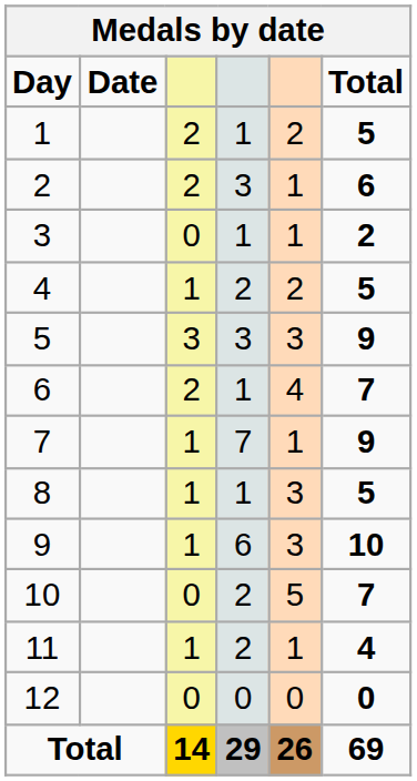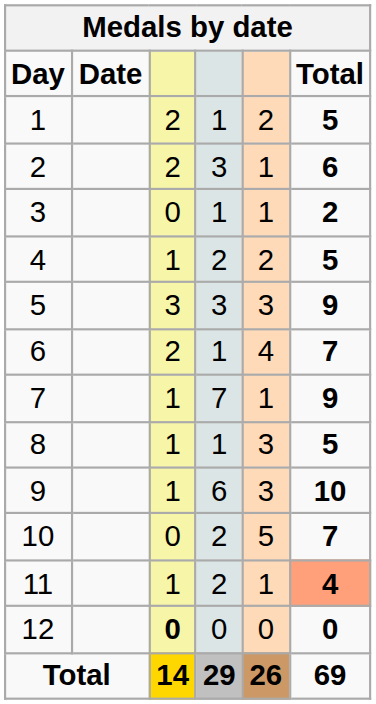 <table class="wikitable" style="font-size:85%; float:right">
 <tr align=center>
 <th colspan=6>Medals by date</th>
 </tr>
 <tr align=center>
 <td><strong>Day</strong></td>
 <td><strong>Date</strong></td>
 <td style="background:#f7f6a8;"></td>
 <td style="background:#dce5e5;"></td>
 <td style="background:#ffdab9;"></td>
 <td><strong>Total</strong></td>
 </tr>
 <tr align=center>
 <td>1</td>
 <td></td>
 <td style="background:#f7f6a8;">2</td>
 <td style="background:#dce5e5;">1</td>
 <td style="background:#ffdab9;">2</td>
 <td><strong>5</strong></td>
 </tr>
 <tr align=center>
 <td>2</td>
 <td></td>
 <td style="background:#f7f6a8;">2</td>
 <td style="background:#dce5e5;">3</td>
 <td style="background:#ffdab9;">1</td>
 <td><strong>6</strong></td>
 </tr>
 <tr align=center>
 <td>3</td>
 <td></td>
 <td style="background:#f7f6a8;">0</td>
 <td style="background:#dce5e5;">1</td>
 <td style="background:#ffdab9;">1</td>
 <td><strong>2</strong></td>
 </tr>
 <tr align=center>
 <td>4</td>
 <td></td>
 <td style="background:#f7f6a8;">1</td>
 <td style="background:#dce5e5;">2</td>
 <td style="background:#ffdab9;">2</td>
 <td><strong>5</strong></td>
 </tr>
 <tr align=center>
 <td>5</td>
 <td></td>
 <td style="background:#f7f6a8;">3</td>
 <td style="background:#dce5e5;">3</td>
 <td style="background:#ffdab9;">3</td>
 <td><strong>9</strong></td>
 </tr>
 <tr align=center>
 <td>6</td>
 <td></td>
 <td style="background:#f7f6a8;">2</td>
 <td style="background:#dce5e5;">1</td>
 <td style="background:#ffdab9;">4</td>
 <td><strong>7</strong></td>
 </tr>
 <tr align=center>
 <td>7</td>
 <td></td>
 <td style="background:#f7f6a8;">1</td>
 <td style="background:#dce5e5;">7</td>
 <td style="background:#ffdab9;">1</td>
 <td><strong>9</strong></td>
 </tr>
 <tr align=center>
 <td>8</td>
 <td></td>
 <td style="background:#f7f6a8;">1</td>
 <td style="background:#dce5e5;">1</td>
 <td style="background:#ffdab9;">3</td>
 <td><strong>5</strong></td>
 </tr>
 <tr align=center>
 <td>9</td>
 <td></td>
 <td style="background:#f7f6a8;">1</td>
 <td style="background:#dce5e5;">6</td>
 <td style="background:#ffdab9;">3</td>
 <td><strong>10</strong></td>
 </tr>
 <tr align=center>
 <td>10</td>
 <td></td>
 <td style="background:#f7f6a8;">0</td>
 <td style="background:#dce5e5;">2</td>
 <td style="background:#ffdab9;">5</td>
 <td><strong>7</strong></td>
 </tr>
 <tr align=center>
 <td>11</td>
 <td></td>
 <td style="background:#f7f6a8;">1</td>
 <td style="background:#dce5e5;">2</td>
 <td style="background:#ffdab9;">1</td>
-<td><strong>4</strong></td>
+<td style="background: lightsalmon;"><strong>4</strong></td>
 </tr>
 <tr align=center>
 <td>12</td>
 <td></td>
-<td style="background:#f7f6a8;">0</td>
+<td style="background:#f7f6a8;"><strong>0</strong></td>
 <td style="background:#dce5e5;">0</td>
 <td style="background:#ffdab9;">0</td>
 <td><strong>0</strong></td>
 </tr>
 <tr align=center>
 <td colspan="2"><strong>Total</strong></td>
 <th style="background:gold;"><strong>14</strong></th>
 <th style="background:silver;"><strong>29</strong></th>
 <th style="background:#c96;"><strong>26</strong></th>
 <td><strong>69</strong></td>
 </tr>
 </table>
